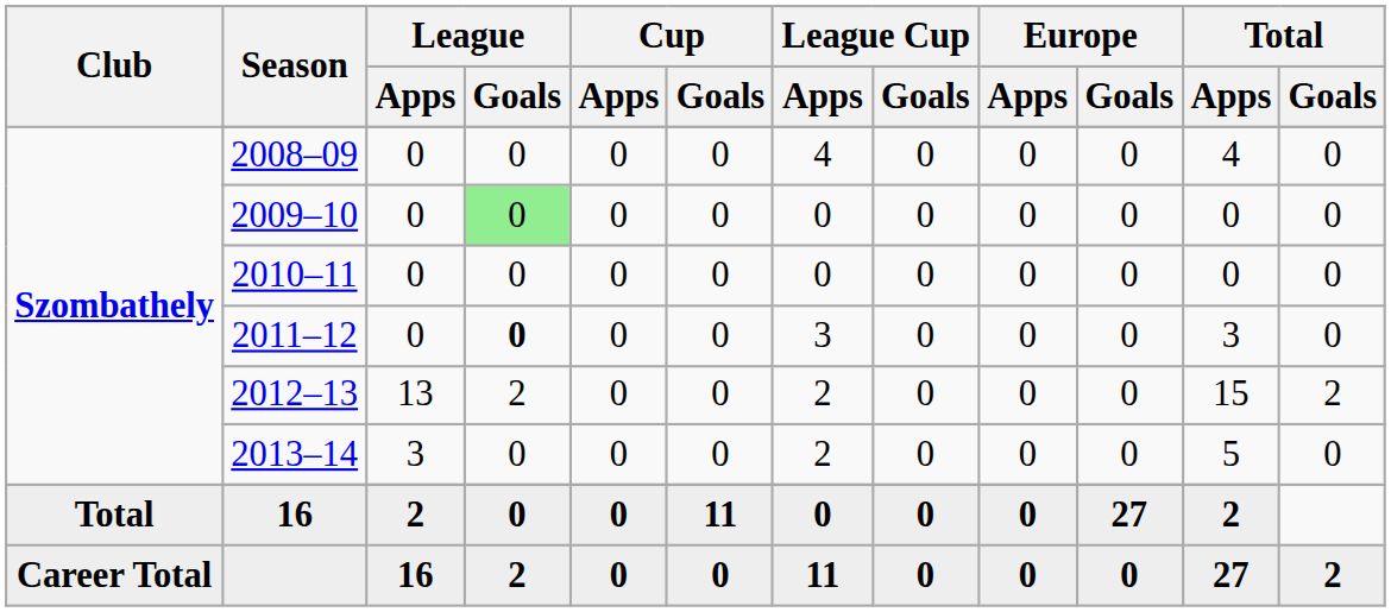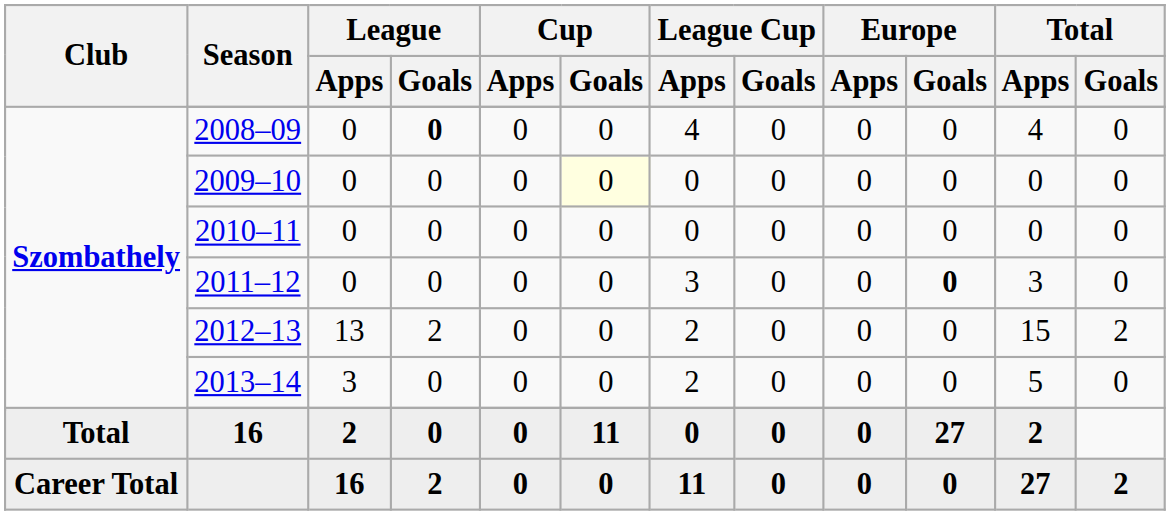 <table class="wikitable" style="font-size:90%; text-align: center;">
 <tr>
 <th rowspan="2">Club</th>
 <th rowspan="2">Season</th>
 <th colspan="2">League</th>
 <th colspan="2">Cup</th>
 <th colspan="2">League Cup</th>
 <th colspan="2">Europe</th>
 <th colspan="2">Total</th>
 </tr>
 <tr>
 <th>Apps</th>
 <th>Goals</th>
 <th>Apps</th>
 <th>Goals</th>
 <th>Apps</th>
 <th>Goals</th>
 <th>Apps</th>
 <th>Goals</th>
 <th>Apps</th>
 <th>Goals</th>
 </tr>
 <tr ||-||-||-|->
 <td rowspan="8" valign="center"><strong><a href='#'>Szombathely</a></strong></td>
 </tr>
 <tr>
 <td><a href='#'>2008–09</a></td>
 <td>0</td>
-<td>0</td>
+<td><strong>0</strong></td>
 <td>0</td>
 <td>0</td>
 <td>4</td>
 <td>0</td>
 <td>0</td>
 <td>0</td>
 <td>4</td>
 <td>0</td>
 </tr>
 <tr>
 <td><a href='#'>2009–10</a></td>
 <td>0</td>
-<td style="background: lightgreen;">0</td>
 <td>0</td>
 <td>0</td>
+<td style="background: lightyellow;">0</td>
 <td>0</td>
 <td>0</td>
 <td>0</td>
 <td>0</td>
 <td>0</td>
 <td>0</td>
 </tr>
 <tr>
 <td><a href='#'>2010–11</a></td>
 <td>0</td>
 <td>0</td>
 <td>0</td>
 <td>0</td>
 <td>0</td>
 <td>0</td>
 <td>0</td>
 <td>0</td>
 <td>0</td>
 <td>0</td>
 </tr>
 <tr>
 <td><a href='#'>2011–12</a></td>
 <td>0</td>
-<td><strong>0</strong></td>
+<td>0</td>
 <td>0</td>
 <td>0</td>
 <td>3</td>
 <td>0</td>
 <td>0</td>
-<td>0</td>
+<td><strong>0</strong></td>
 <td>3</td>
 <td>0</td>
 </tr>
 <tr>
 <td><a href='#'>2012–13</a></td>
 <td>13</td>
 <td>2</td>
 <td>0</td>
 <td>0</td>
 <td>2</td>
 <td>0</td>
 <td>0</td>
 <td>0</td>
 <td>15</td>
 <td>2</td>
 </tr>
 <tr>
 <td><a href='#'>2013–14</a></td>
 <td>3</td>
 <td>0</td>
 <td>0</td>
 <td>0</td>
 <td>2</td>
 <td>0</td>
 <td>0</td>
 <td>0</td>
 <td>5</td>
 <td>0</td>
 </tr>
 <tr>
 </tr>
 <tr style="font-weight:bold; background-color:#eeeeee;">
 <td>Total</td>
 <td>16</td>
 <td>2</td>
 <td>0</td>
 <td>0</td>
 <td>11</td>
 <td>0</td>
 <td>0</td>
 <td>0</td>
 <td>27</td>
 <td>2</td>
 </tr>
 <tr style="font-weight:bold; background-color:#eeeeee;">
 <td rowspan="1" valign="top"><strong>Career Total</strong></td>
 <td></td>
 <td><strong>16</strong></td>
 <td><strong>2</strong></td>
 <td><strong>0</strong></td>
 <td><strong>0</strong></td>
 <td><strong>11</strong></td>
 <td><strong>0</strong></td>
 <td><strong>0</strong></td>
 <td><strong>0</strong></td>
 <td><strong>27</strong></td>
 <td><strong>2</strong></td>
 </tr>
 </table>
